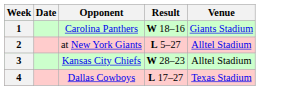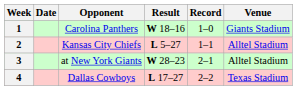 <table class="wikitable" style="text-align:center">
 <tr>
 <th>Week</th>
 <th>Date</th>
 <th>Opponent</th>
 <th>Result</th>
+<th>Record</th>
 <th>Venue</th>
 </tr>
 <tr style="background:#cfc">
 <th>1</th>
 <td></td>
 <td><a href='#'>Carolina Panthers</a></td>
 <td><strong>W</strong> 18–16</td>
+<td>1–0</td>
 <td><a href='#'>Giants Stadium</a></td>
 </tr>
 <tr style="background:#fcc">
 <th>2</th>
 <td></td>
-<td>at <a href='#'>New York Giants</a></td>
+<td><a href='#'>Kansas City Chiefs</a></td>
 <td><strong>L</strong> 5–27</td>
+<td>1–1</td>
 <td><a href='#'>Alltel Stadium</a></td>
 </tr>
 <tr style="background:#cfc">
 <th>3</th>
 <td></td>
-<td><a href='#'>Kansas City Chiefs</a></td>
+<td>at <a href='#'>New York Giants</a></td>
 <td><strong>W</strong> 28–23</td>
+<td>2–1</td>
 <td>Alltel Stadium</td>
 </tr>
 <tr style="background:#fcc">
 <th>4</th>
 <td></td>
 <td><a href='#'>Dallas Cowboys</a></td>
 <td><strong>L</strong> 17–27</td>
+<td>2–2</td>
 <td><a href='#'>Texas Stadium</a></td>
 </tr>
 </table>
